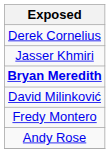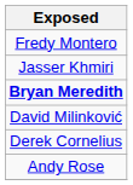 <table class="wikitable" style="text-align:center">
 <tr>
 <th>Exposed</th>
 </tr>
 <tr>
-<td><a href='#'>Derek Cornelius</a></td>
+<td><a href='#'>Fredy Montero</a></td>
 </tr>
 <tr>
 <td><a href='#'>Jasser Khmiri</a></td>
 </tr>
 <tr>
 <td><strong><a href='#'>Bryan Meredith</a></strong></td>
 </tr>
 <tr>
 <td><a href='#'>David Milinković</a></td>
 </tr>
 <tr>
-<td><a href='#'>Fredy Montero</a></td>
+<td><a href='#'>Derek Cornelius</a></td>
 </tr>
 <tr>
 <td><a href='#'>Andy Rose</a></td>
 </tr>
 <tr>
 </tr>
 </table>
